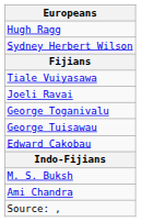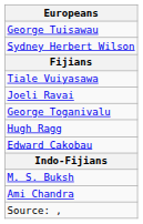 <table class=wikitable>
 <tr>
 <th>Europeans</th>
 </tr>
 <tr>
-<td><a href='#'>Hugh Ragg</a></td>
+<td><a href='#'>George Tuisawau</a></td>
 </tr>
 <tr>
 <td><a href='#'>Sydney Herbert Wilson</a></td>
 </tr>
 <tr>
 <th>Fijians</th>
 </tr>
 <tr>
 <td><a href='#'>Tiale Vuiyasawa</a></td>
 </tr>
 <tr>
 <td><a href='#'>Joeli Ravai</a></td>
 </tr>
 <tr>
 <td><a href='#'>George Toganivalu</a></td>
 </tr>
 <tr>
-<td><a href='#'>George Tuisawau</a></td>
+<td><a href='#'>Hugh Ragg</a></td>
 </tr>
 <tr>
 <td><a href='#'>Edward Cakobau</a></td>
 </tr>
 <tr>
 <th>Indo-Fijians</th>
 </tr>
 <tr>
 <td><a href='#'>M. S. Buksh</a></td>
 </tr>
 <tr>
 <td><a href='#'>Ami Chandra</a></td>
 </tr>
 <tr>
 <td>Source: , </td>
 </tr>
 </table>
